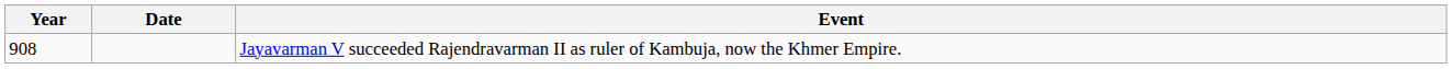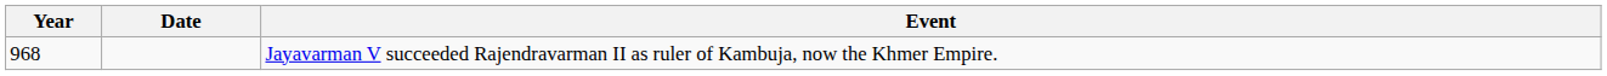 <table class="wikitable" width="100%">
 <tr>
 <th style="width:6%">Year</th>
 <th style="width:10%">Date</th>
 <th>Event</th>
 </tr>
 <tr>
-<td>908</td>
+<td>968</td>
 <td></td>
 <td><a href='#'>Jayavarman V</a> succeeded Rajendravarman II as ruler of Kambuja, now the Khmer Empire.</td>
 </tr>
 </table>
